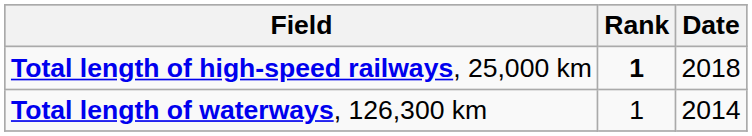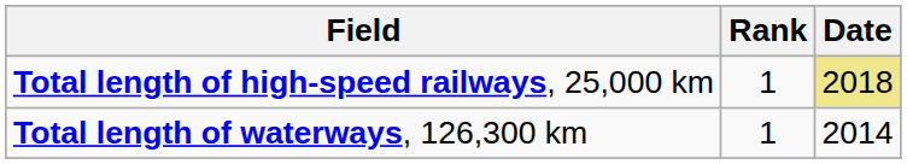 <table class="wikitable sortable">
 <tr style="background:#ececec;">
 <th>Field</th>
 <th>Rank</th>
 <th>Date</th>
 </tr>
 <tr>
 <td><strong><a href='#'>Total length of high-speed railways</a></strong>, 25,000 km</td>
-<td style="text-align:center;"><strong>1</strong></td>
-<td align="right">2018</td>
+<td style="text-align:center;">1</td>
+<td align="right" style="background: khaki;">2018</td>
 </tr>
 <tr>
 <td><strong><a href='#'>Total length of waterways</a></strong>, 126,300 km</td>
 <td style="text-align:center;">1</td>
 <td align="right">2014</td>
 </tr>
 </table>
